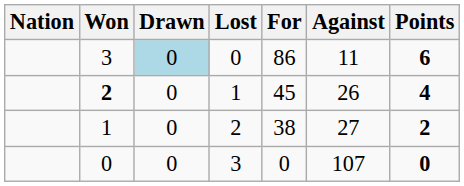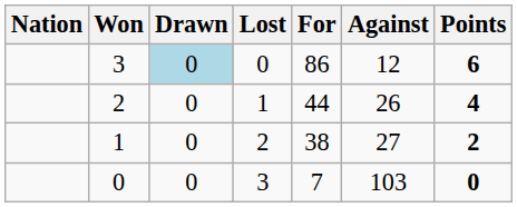 <table class="wikitable" style="text-align: center;">
 <tr>
 <th>Nation</th>
 <th>Won</th>
 <th>Drawn</th>
 <th>Lost</th>
 <th>For</th>
 <th>Against</th>
 <th>Points</th>
 </tr>
 <tr>
 <td align="left"></td>
 <td>3</td>
 <td style="background: lightblue;">0</td>
 <td>0</td>
 <td>86</td>
-<td>11</td>
+<td>12</td>
 <td><strong>6</strong></td>
 </tr>
 <tr>
 <td align="left"></td>
-<td><strong>2</strong></td>
+<td>2</td>
 <td>0</td>
 <td>1</td>
-<td>45</td>
+<td>44</td>
 <td>26</td>
 <td><strong>4</strong></td>
 </tr>
 <tr>
 <td align="left"></td>
 <td>1</td>
 <td>0</td>
 <td>2</td>
 <td>38</td>
 <td>27</td>
 <td><strong>2</strong></td>
 </tr>
 <tr>
 <td align="left"></td>
 <td>0</td>
 <td>0</td>
 <td>3</td>
-<td>0</td>
-<td>107</td>
+<td>7</td>
+<td>103</td>
 <td><strong>0</strong></td>
 </tr>
 </table>
